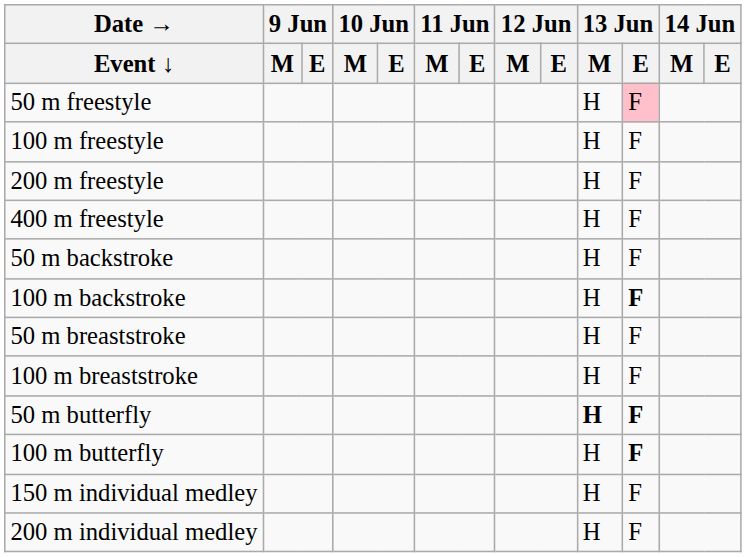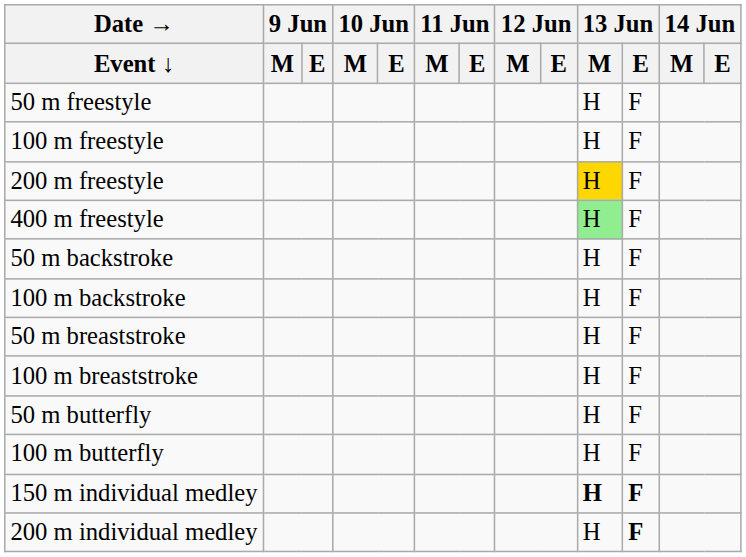 <table class="wikitable swimming-schedule floatleft">
 <tr>
 <th>Date →</th>
 <th colspan=2>9 Jun</th>
 <th colspan=2>10 Jun</th>
 <th colspan=2>11 Jun</th>
 <th colspan=2>12 Jun</th>
 <th colspan=2>13 Jun</th>
 <th colspan=2>14 Jun</th>
 </tr>
 <tr>
 <th>Event ↓</th>
 <th>M</th>
 <th>E</th>
 <th>M</th>
 <th>E</th>
 <th>M</th>
 <th>E</th>
 <th>M</th>
 <th>E</th>
 <th>M</th>
 <th>E</th>
 <th>M</th>
 <th>E</th>
 </tr>
 <tr>
 <td class=event>50 m freestyle</td>
 <td colspan=2></td>
 <td colspan=2></td>
 <td colspan=2></td>
 <td colspan=2></td>
 <td class=heats>H</td>
-<td class=final style="background: pink;">F</td>
+<td class=final>F</td>
 <td colspan=2></td>
 </tr>
 <tr>
 <td class=event>100 m freestyle</td>
 <td colspan=2></td>
 <td colspan=2></td>
 <td colspan=2></td>
 <td colspan=2></td>
 <td class=heats>H</td>
 <td class=final>F</td>
 <td colspan=2></td>
 </tr>
 <tr>
 <td class=event>200 m freestyle</td>
 <td colspan=2></td>
 <td colspan=2></td>
 <td colspan=2></td>
 <td colspan=2></td>
-<td class=heats>H</td>
+<td class=heats style="background: gold;">H</td>
 <td class=final>F</td>
 <td colspan=2></td>
 </tr>
 <tr>
 <td class=event>400 m freestyle</td>
 <td colspan=2></td>
 <td colspan=2></td>
 <td colspan=2></td>
 <td colspan=2></td>
-<td class=heats>H</td>
+<td class=heats style="background: lightgreen;">H</td>
 <td class=final>F</td>
 <td colspan=2></td>
 </tr>
 <tr>
 <td class=event>50 m backstroke</td>
 <td colspan=2></td>
 <td colspan=2></td>
 <td colspan=2></td>
 <td colspan=2></td>
 <td class=heats>H</td>
 <td class=final>F</td>
 <td colspan=2></td>
 </tr>
 <tr>
 <td class=event>100 m backstroke</td>
 <td colspan=2></td>
 <td colspan=2></td>
 <td colspan=2></td>
 <td colspan=2></td>
 <td class=heats>H</td>
-<td class=final><strong>F</strong></td>
+<td class=final>F</td>
 <td colspan=2></td>
 </tr>
 <tr>
 <td class=event>50 m breaststroke</td>
 <td colspan=2></td>
 <td colspan=2></td>
 <td colspan=2></td>
 <td colspan=2></td>
 <td class=heats>H</td>
 <td class=final>F</td>
 <td colspan=2></td>
 </tr>
 <tr>
 <td class=event>100 m breaststroke</td>
 <td colspan=2></td>
 <td colspan=2></td>
 <td colspan=2></td>
 <td colspan=2></td>
 <td class=heats>H</td>
 <td class=final>F</td>
 <td colspan=2></td>
 </tr>
 <tr>
 <td class=event>50 m butterfly</td>
 <td colspan=2></td>
 <td colspan=2></td>
 <td colspan=2></td>
 <td colspan=2></td>
-<td class=heats><strong>H</strong></td>
-<td class=final><strong>F</strong></td>
+<td class=heats>H</td>
+<td class=final>F</td>
 <td colspan=2></td>
 </tr>
 <tr>
 <td class=event>100 m butterfly</td>
 <td colspan=2></td>
 <td colspan=2></td>
 <td colspan=2></td>
 <td colspan=2></td>
 <td class=heats>H</td>
-<td class=final><strong>F</strong></td>
+<td class=final>F</td>
 <td colspan=2></td>
 </tr>
 <tr>
 <td class=event>150 m individual medley</td>
 <td colspan=2></td>
 <td colspan=2></td>
 <td colspan=2></td>
 <td colspan=2></td>
-<td class=heats>H</td>
-<td class=final>F</td>
+<td class=heats><strong>H</strong></td>
+<td class=final><strong>F</strong></td>
 <td colspan=2></td>
 </tr>
 <tr>
 <td class=event>200 m individual medley</td>
 <td colspan=2></td>
 <td colspan=2></td>
 <td colspan=2></td>
 <td colspan=2></td>
 <td class=heats>H</td>
-<td class=final>F</td>
+<td class=final><strong>F</strong></td>
 <td colspan=2></td>
 </tr>
 </table>
